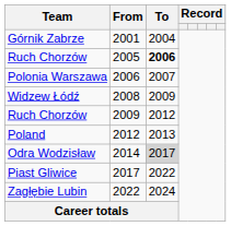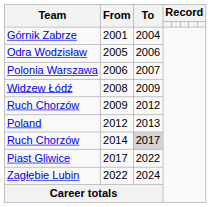 <table class="wikitable" style="text-align: center;">
 <tr>
 <th rowspan="2">Team</th>
 <th rowspan="2">From</th>
 <th rowspan="2">To</th>
 <th colspan="5">Record</th>
 </tr>
 <tr>
 <th></th>
 <th></th>
 <th></th>
 <th></th>
 <th></th>
 </tr>
 <tr>
 <td align=left><a href='#'>Górnik Zabrze</a></td>
 <td align=left>2001</td>
 <td align=left>2004<br></td>
 </tr>
 <tr>
-<td align=left><a href='#'>Ruch Chorzów</a></td>
+<td align=left><a href='#'>Odra Wodzisław</a></td>
 <td align=left>2005</td>
-<td align=left><strong>2006<br></strong></td>
+<td align=left>2006<br></td>
 </tr>
 <tr>
 <td align=left><a href='#'>Polonia Warszawa</a></td>
 <td align=left>2006</td>
 <td align=left>2007<br></td>
 </tr>
 <tr>
 <td align=left><a href='#'>Widzew Łódź</a></td>
 <td align=left>2008</td>
 <td align=left>2009<br></td>
 </tr>
 <tr>
 <td align=left><a href='#'>Ruch Chorzów</a></td>
 <td align=left>2009</td>
 <td align=left>2012<br></td>
 </tr>
 <tr>
 <td align=left><a href='#'>Poland</a></td>
 <td align=left>2012</td>
 <td align=left>2013<br></td>
 </tr>
 <tr>
-<td align=left><a href='#'>Odra Wodzisław</a></td>
+<td align=left><a href='#'>Ruch Chorzów</a></td>
 <td align=left>2014</td>
 <td align=left style="background: lightgrey;">2017<br></td>
 </tr>
 <tr>
 <td align=left><a href='#'>Piast Gliwice</a></td>
 <td align=left>2017</td>
 <td align=left>2022<br></td>
 </tr>
 <tr>
 <td align=left><a href='#'>Zagłębie Lubin</a></td>
 <td align=left>2022</td>
 <td align=left>2024<br></td>
 </tr>
 <tr>
 <th colspan="3">Career totals<br></th>
 </tr>
 </table>
